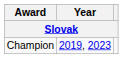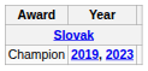 <table class="wikitable">
 <tr>
 <th>Award</th>
 <th>Year</th>
 <th></th>
 </tr>
 <tr>
 <th colspan="3"><a href='#'>Slovak</a></th>
 </tr>
 <tr>
 <td>Champion</td>
-<td><a href='#'>2019</a>, <a href='#'>2023</a></td>
+<td><strong><a href='#'>2019</a>, <a href='#'>2023</a></strong></td>
 <td></td>
 </tr>
 </table>
